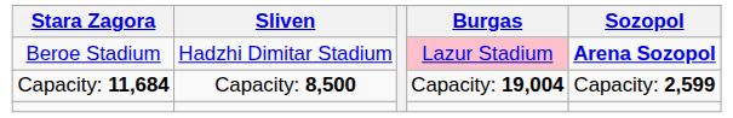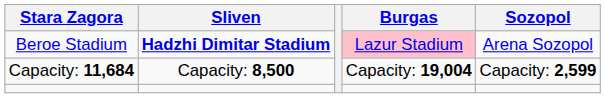 <table class="wikitable" style="text-align:center;margin:1em auto;">
 <tr>
 <th><a href='#'>Stara Zagora</a></th>
 <th><a href='#'>Sliven</a></th>
 <th rowspan="4"></th>
 <th><a href='#'>Burgas</a></th>
 <th><a href='#'>Sozopol</a></th>
 </tr>
 <tr>
 <td><a href='#'>Beroe Stadium</a></td>
-<td><a href='#'>Hadzhi Dimitar Stadium</a></td>
+<td><strong><a href='#'>Hadzhi Dimitar Stadium</a></strong></td>
 <td style="background: pink;"><a href='#'>Lazur Stadium</a></td>
-<td><strong><a href='#'>Arena Sozopol</a></strong></td>
+<td><a href='#'>Arena Sozopol</a></td>
 </tr>
 <tr>
 <td>Capacity: <strong>11,684</strong></td>
 <td>Capacity: <strong>8,500</strong></td>
 <td>Capacity: <strong>19,004</strong></td>
 <td>Capacity: <strong>2,599</strong></td>
 </tr>
 <tr>
 <td></td>
 <td></td>
 <td></td>
 <td></td>
 </tr>
 </table>
